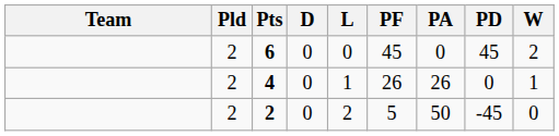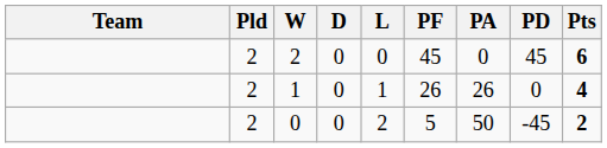 <table class="wikitable" style="text-align:center;">
 <tr>
 <th width="160">Team</th>
 <th width="25">Pld</th>
-<th>Pts</th>
+<th width="25">W</th>
 <th width="25">D</th>
 <th width="25">L</th>
 <th width="32">PF</th>
 <th width="32">PA</th>
 <th width="32">PD</th>
-<th width="25">W</th>
+<th>Pts</th>
 </tr>
 <tr>
 <td align="left"></td>
 <td>2</td>
-<td><strong>6</strong></td>
+<td>2</td>
 <td>0</td>
 <td>0</td>
 <td>45</td>
 <td>0</td>
 <td>45</td>
-<td>2</td>
+<td><strong>6</strong></td>
 </tr>
 <tr>
 <td align="left"></td>
 <td>2</td>
-<td><strong>4</strong></td>
+<td>1</td>
 <td>0</td>
 <td>1</td>
 <td>26</td>
 <td>26</td>
 <td>0</td>
-<td>1</td>
+<td><strong>4</strong></td>
 </tr>
 <tr>
 <td align="left"></td>
 <td>2</td>
-<td><strong>2</strong></td>
+<td>0</td>
 <td>0</td>
 <td>2</td>
 <td>5</td>
 <td>50</td>
 <td>-45</td>
-<td>0</td>
+<td><strong>2</strong></td>
 </tr>
 </table>
